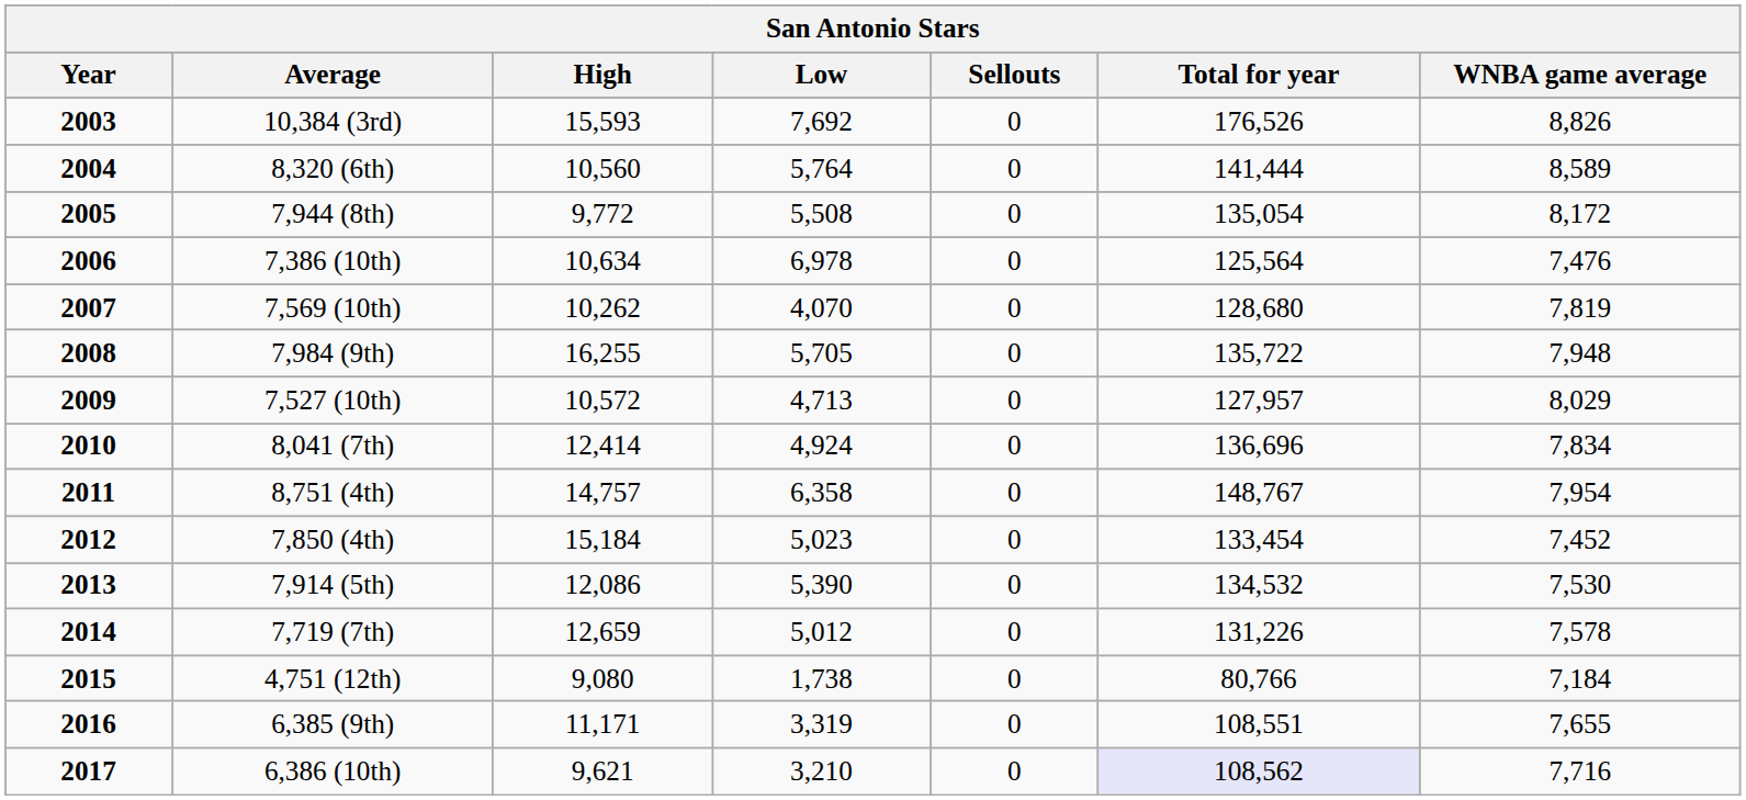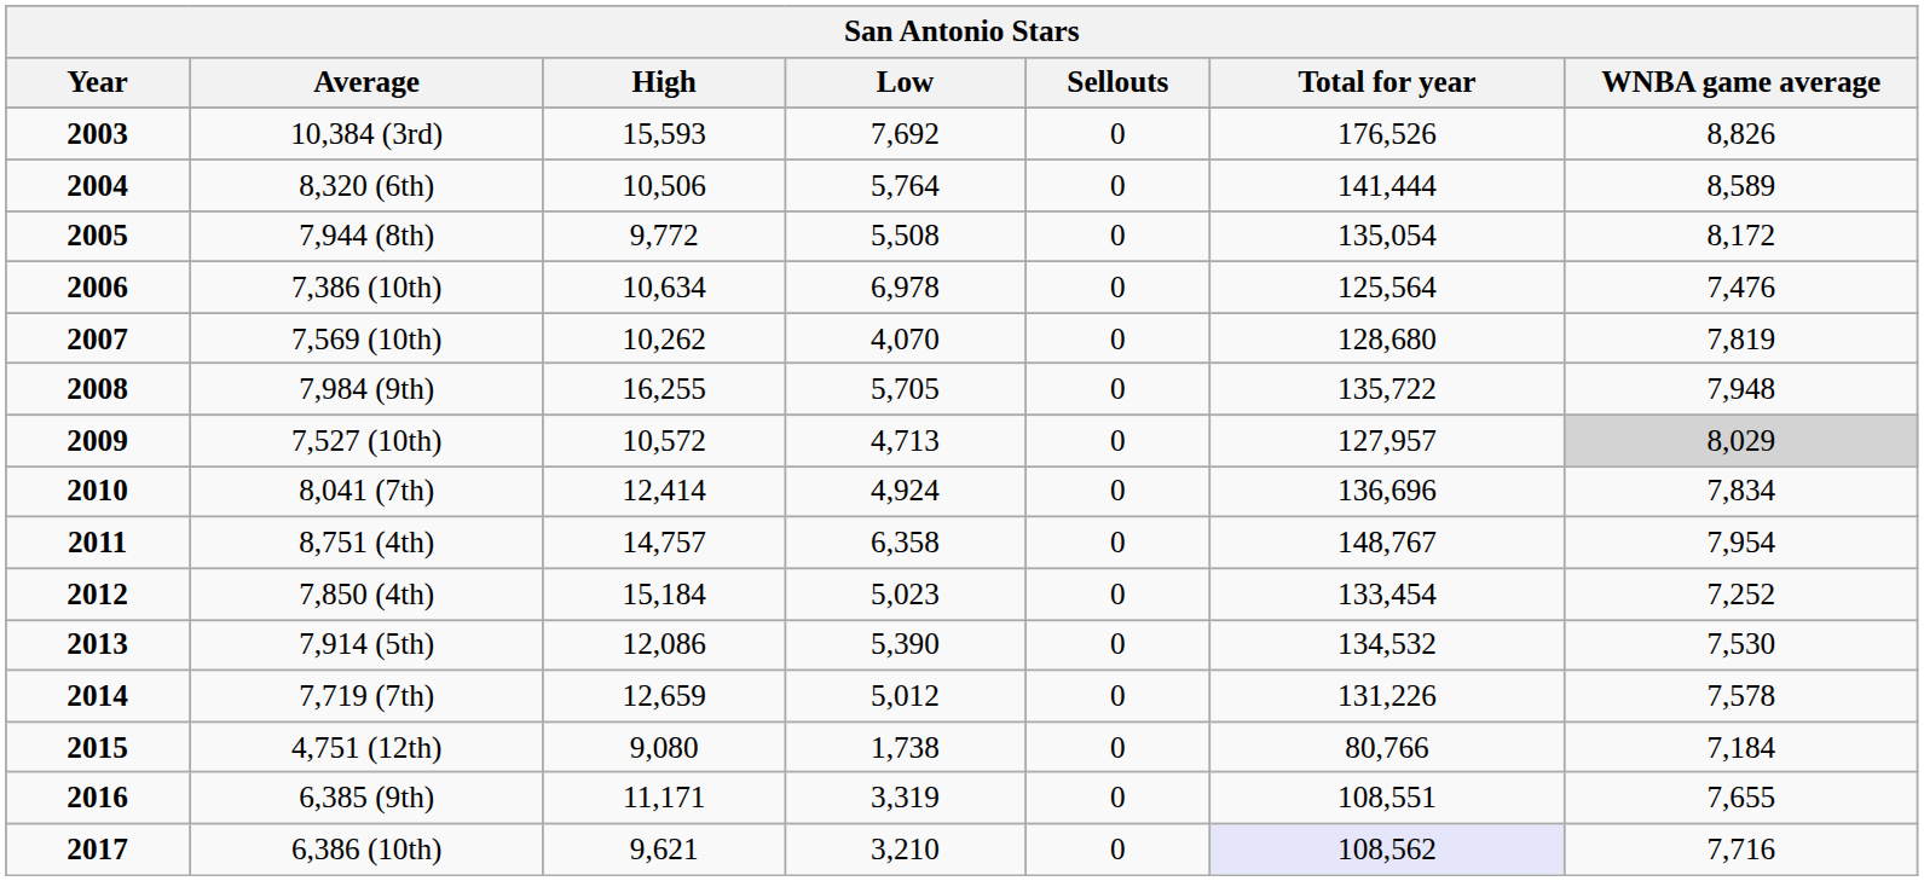 <table class="wikitable" style="clear:both; min-width:70%; font-size:88%; margin:1.5em auto; text-align:center;">
 <tr>
 <th colspan=8>San Antonio Stars</th>
 </tr>
 <tr>
 <th width=75>Year</th>
 <th width=150>Average</th>
 <th width=100>High</th>
 <th width=100>Low</th>
 <th width=75>Sellouts</th>
 <th width=150>Total for year</th>
 <th width=150>WNBA game average</th>
 </tr>
 <tr>
 <td><strong>2003</strong></td>
 <td>10,384 (3rd)</td>
 <td>15,593</td>
 <td>7,692</td>
 <td>0</td>
 <td>176,526</td>
 <td>8,826</td>
 </tr>
 <tr>
 <td><strong>2004</strong></td>
 <td>8,320 (6th)</td>
-<td>10,560</td>
+<td>10,506</td>
 <td>5,764</td>
 <td>0</td>
 <td>141,444</td>
 <td>8,589</td>
 </tr>
 <tr>
 <td><strong>2005</strong></td>
 <td>7,944 (8th)</td>
 <td>9,772</td>
 <td>5,508</td>
 <td>0</td>
 <td>135,054</td>
 <td>8,172</td>
 </tr>
 <tr>
 <td><strong>2006</strong></td>
 <td>7,386 (10th)</td>
 <td>10,634</td>
 <td>6,978</td>
 <td>0</td>
 <td>125,564</td>
 <td>7,476</td>
 </tr>
 <tr>
 <td><strong>2007</strong></td>
 <td>7,569 (10th)</td>
 <td>10,262</td>
 <td>4,070</td>
 <td>0</td>
 <td>128,680</td>
 <td>7,819</td>
 </tr>
 <tr>
 <td><strong>2008</strong></td>
 <td>7,984 (9th)</td>
 <td>16,255</td>
 <td>5,705</td>
 <td>0</td>
 <td>135,722</td>
 <td>7,948</td>
 </tr>
 <tr>
 <td><strong>2009</strong></td>
 <td>7,527 (10th)</td>
 <td>10,572</td>
 <td>4,713</td>
 <td>0</td>
 <td>127,957</td>
-<td>8,029</td>
+<td style="background: lightgrey;">8,029</td>
 </tr>
 <tr>
 <td><strong>2010</strong></td>
 <td>8,041 (7th)</td>
 <td>12,414</td>
 <td>4,924</td>
 <td>0</td>
 <td>136,696</td>
 <td>7,834</td>
 </tr>
 <tr>
 <td><strong>2011</strong></td>
 <td>8,751 (4th)</td>
 <td>14,757</td>
 <td>6,358</td>
 <td>0</td>
 <td>148,767</td>
 <td>7,954</td>
 </tr>
 <tr>
 <td><strong>2012</strong></td>
 <td>7,850 (4th)</td>
 <td>15,184</td>
 <td>5,023</td>
 <td>0</td>
 <td>133,454</td>
-<td>7,452</td>
+<td>7,252</td>
 </tr>
 <tr>
 <td><strong>2013</strong></td>
 <td>7,914 (5th)</td>
 <td>12,086</td>
 <td>5,390</td>
 <td>0</td>
 <td>134,532</td>
 <td>7,530</td>
 </tr>
 <tr>
 <td><strong>2014</strong></td>
 <td>7,719 (7th)</td>
 <td>12,659</td>
 <td>5,012</td>
 <td>0</td>
 <td>131,226</td>
 <td>7,578</td>
 </tr>
 <tr>
 <td><strong>2015</strong></td>
 <td>4,751 (12th)</td>
 <td>9,080</td>
 <td>1,738</td>
 <td>0</td>
 <td>80,766</td>
 <td>7,184</td>
 </tr>
 <tr>
 <td><strong>2016</strong></td>
 <td>6,385 (9th)</td>
 <td>11,171</td>
 <td>3,319</td>
 <td>0</td>
 <td>108,551</td>
 <td>7,655</td>
 </tr>
 <tr>
 <td><strong>2017</strong></td>
 <td>6,386 (10th)</td>
 <td>9,621</td>
 <td>3,210</td>
 <td>0</td>
 <td style="background: lavender;">108,562</td>
 <td>7,716</td>
 </tr>
 </table>
